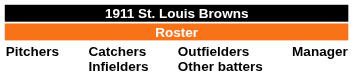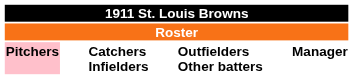 <table class="toccolours" style="font-size: 95%;">
 <tr>
 <th colspan="10" style="background-color: black; color: white; text-align: center;">1911 St. Louis Browns</th>
 </tr>
 <tr>
 <td colspan="10" style="background-color: #F87217; color: white; text-align: center;"><strong>Roster</strong></td>
 </tr>
 <tr>
-<td valign="top"><strong>Pitchers</strong><br>                 </td>
+<td valign="top" style="background: pink;"><strong>Pitchers</strong><br>                 </td>
 <td width="25px"></td>
 <td valign="top"><strong>Catchers</strong><br>    <strong>Infielders</strong>              </td>
 <td width="25px"></td>
 <td valign="top"><strong>Outfielders</strong><br>        <strong>Other batters</strong>  </td>
 <td width="25px"></td>
 <td valign="top"><strong>Manager</strong><br></td>
 </tr>
 </table>
